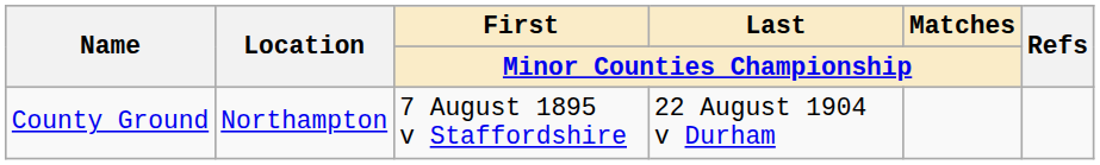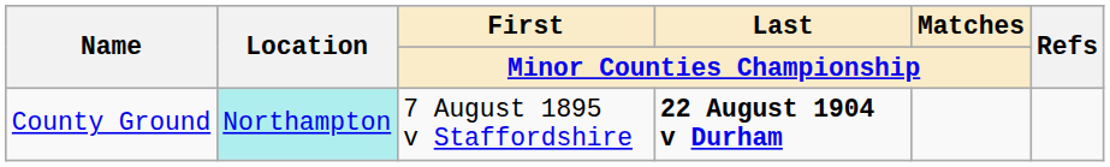 <table class="wikitable sortable">
 <tr>
 <th rowspan="2">Name</th>
 <th rowspan="2">Location</th>
 <th width="125" class="unsortable" style="background:#faecc8">First</th>
 <th width="125" class="unsortable" style="background:#faecc8">Last</th>
 <th style="background:#faecc8">Matches</th>
 <th rowspan="2" class="unsortable">Refs</th>
 </tr>
 <tr class="unsortable">
 <th colspan="3" style="background:#faecc8"><a href='#'>Minor Counties Championship</a></th>
 </tr>
 <tr>
 <td><a href='#'>County Ground</a><br></td>
-<td><a href='#'>Northampton</a></td>
+<td style="background: paleturquoise;"><a href='#'>Northampton</a></td>
 <td>7 August 1895<br>v <a href='#'>Staffordshire</a></td>
-<td>22 August 1904<br>v <a href='#'>Durham</a></td>
+<td><strong>22 August 1904<br>v <a href='#'>Durham</a></strong></td>
 <td></td>
 <td></td>
 </tr>
 </table>
